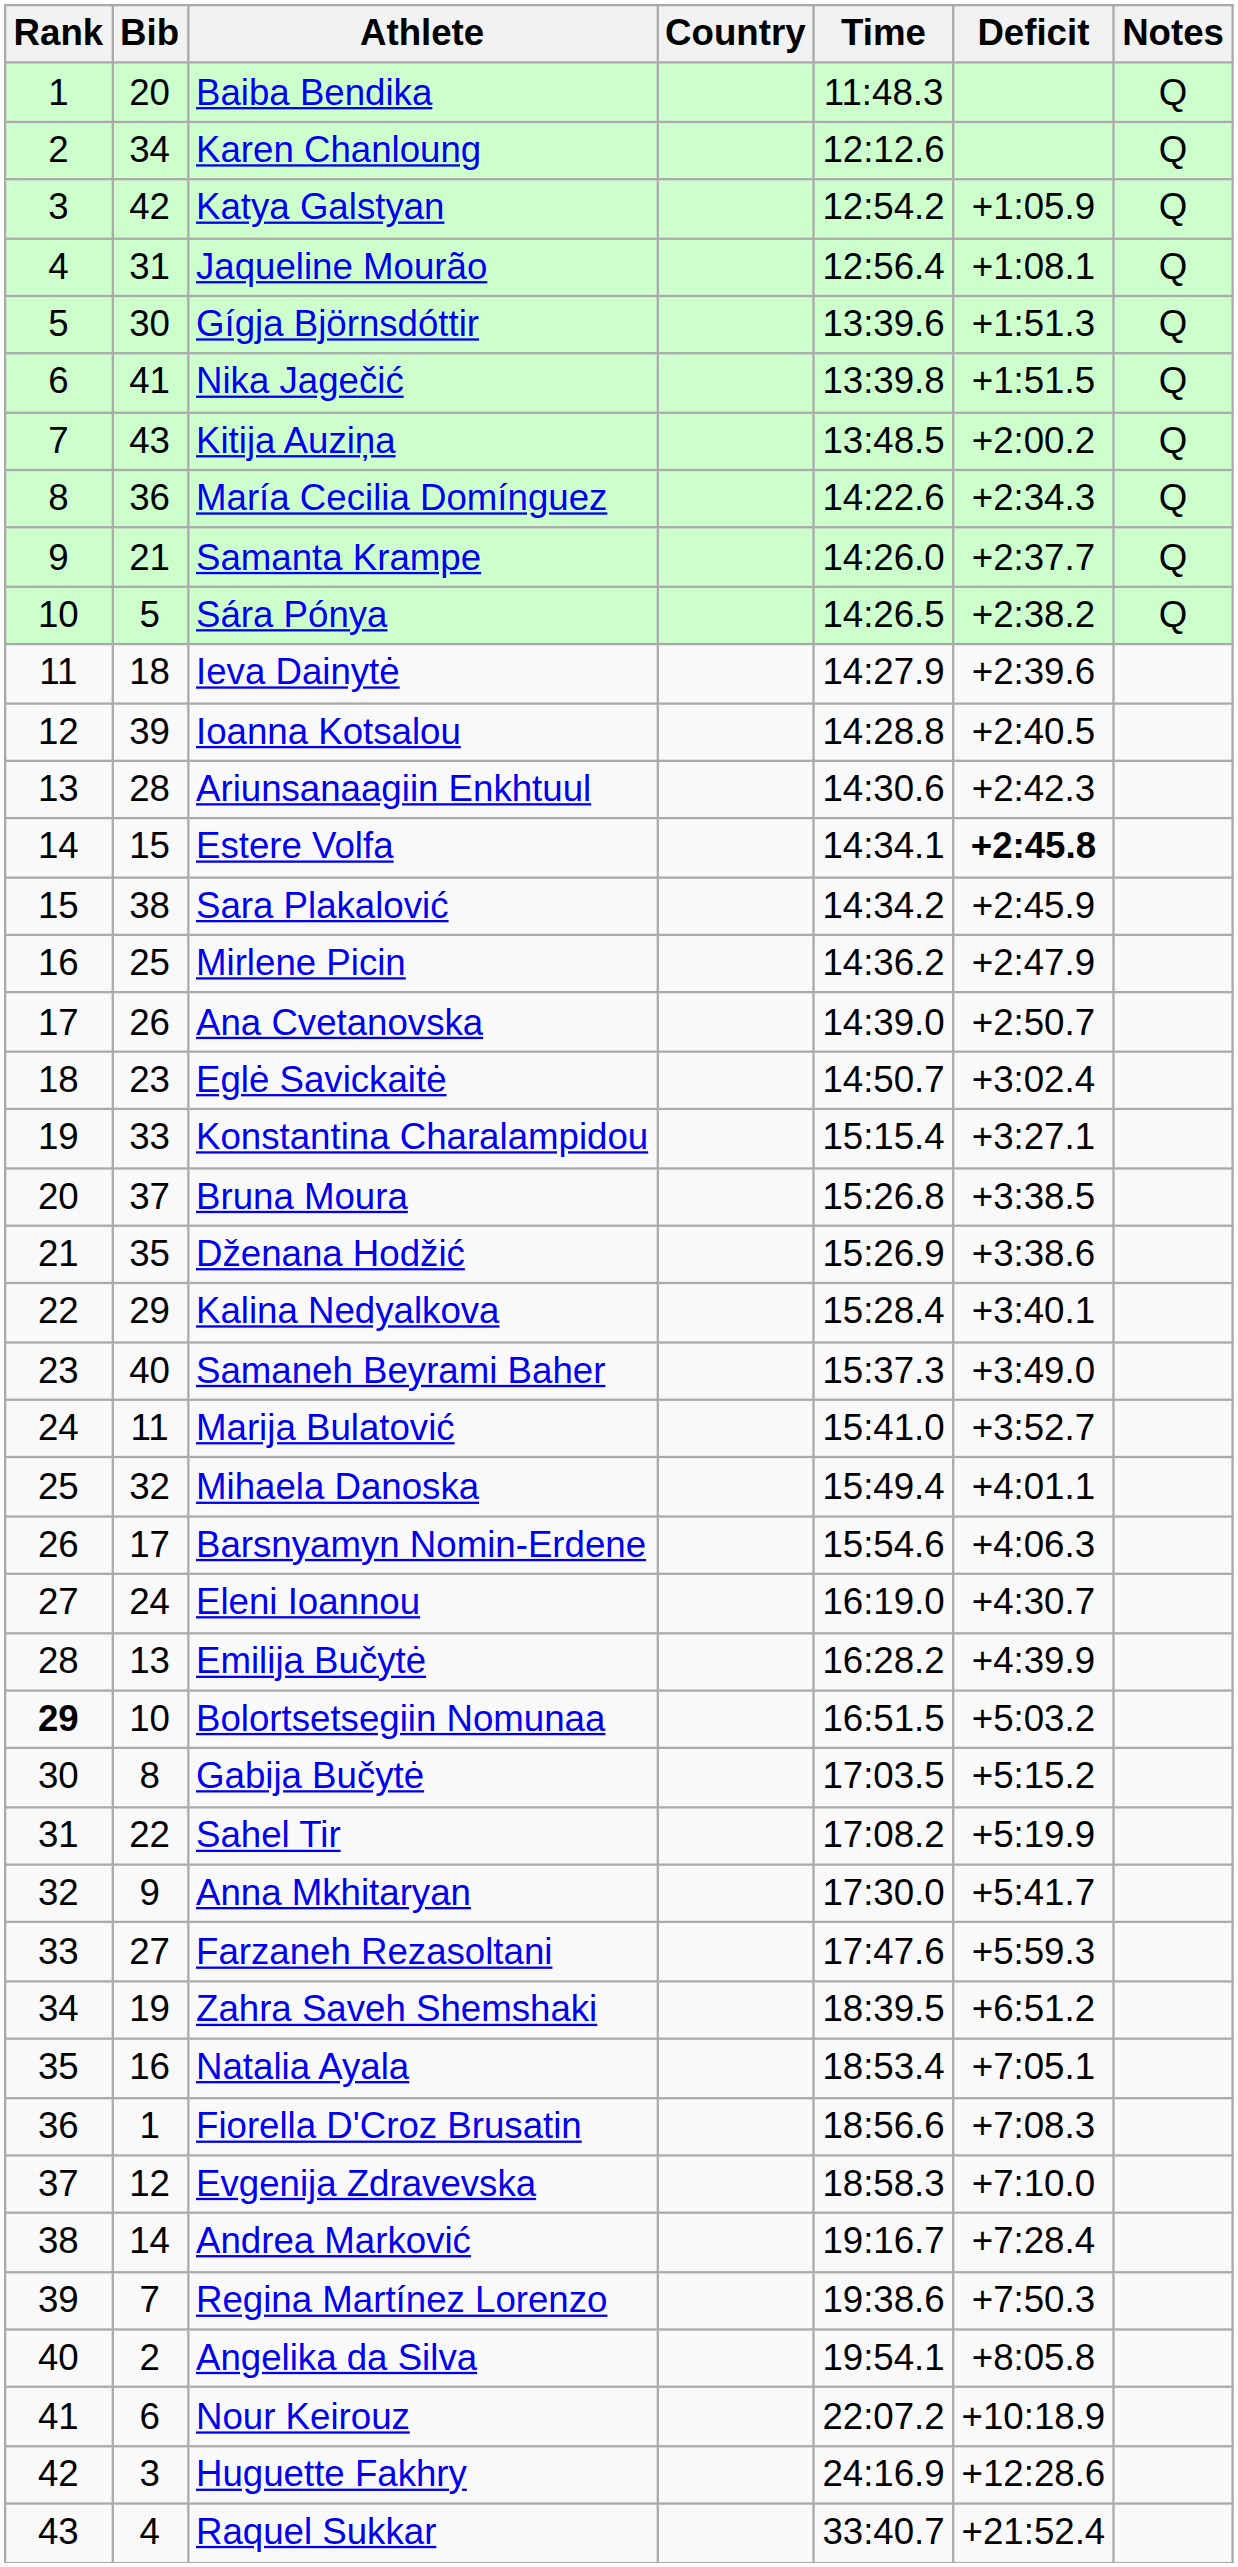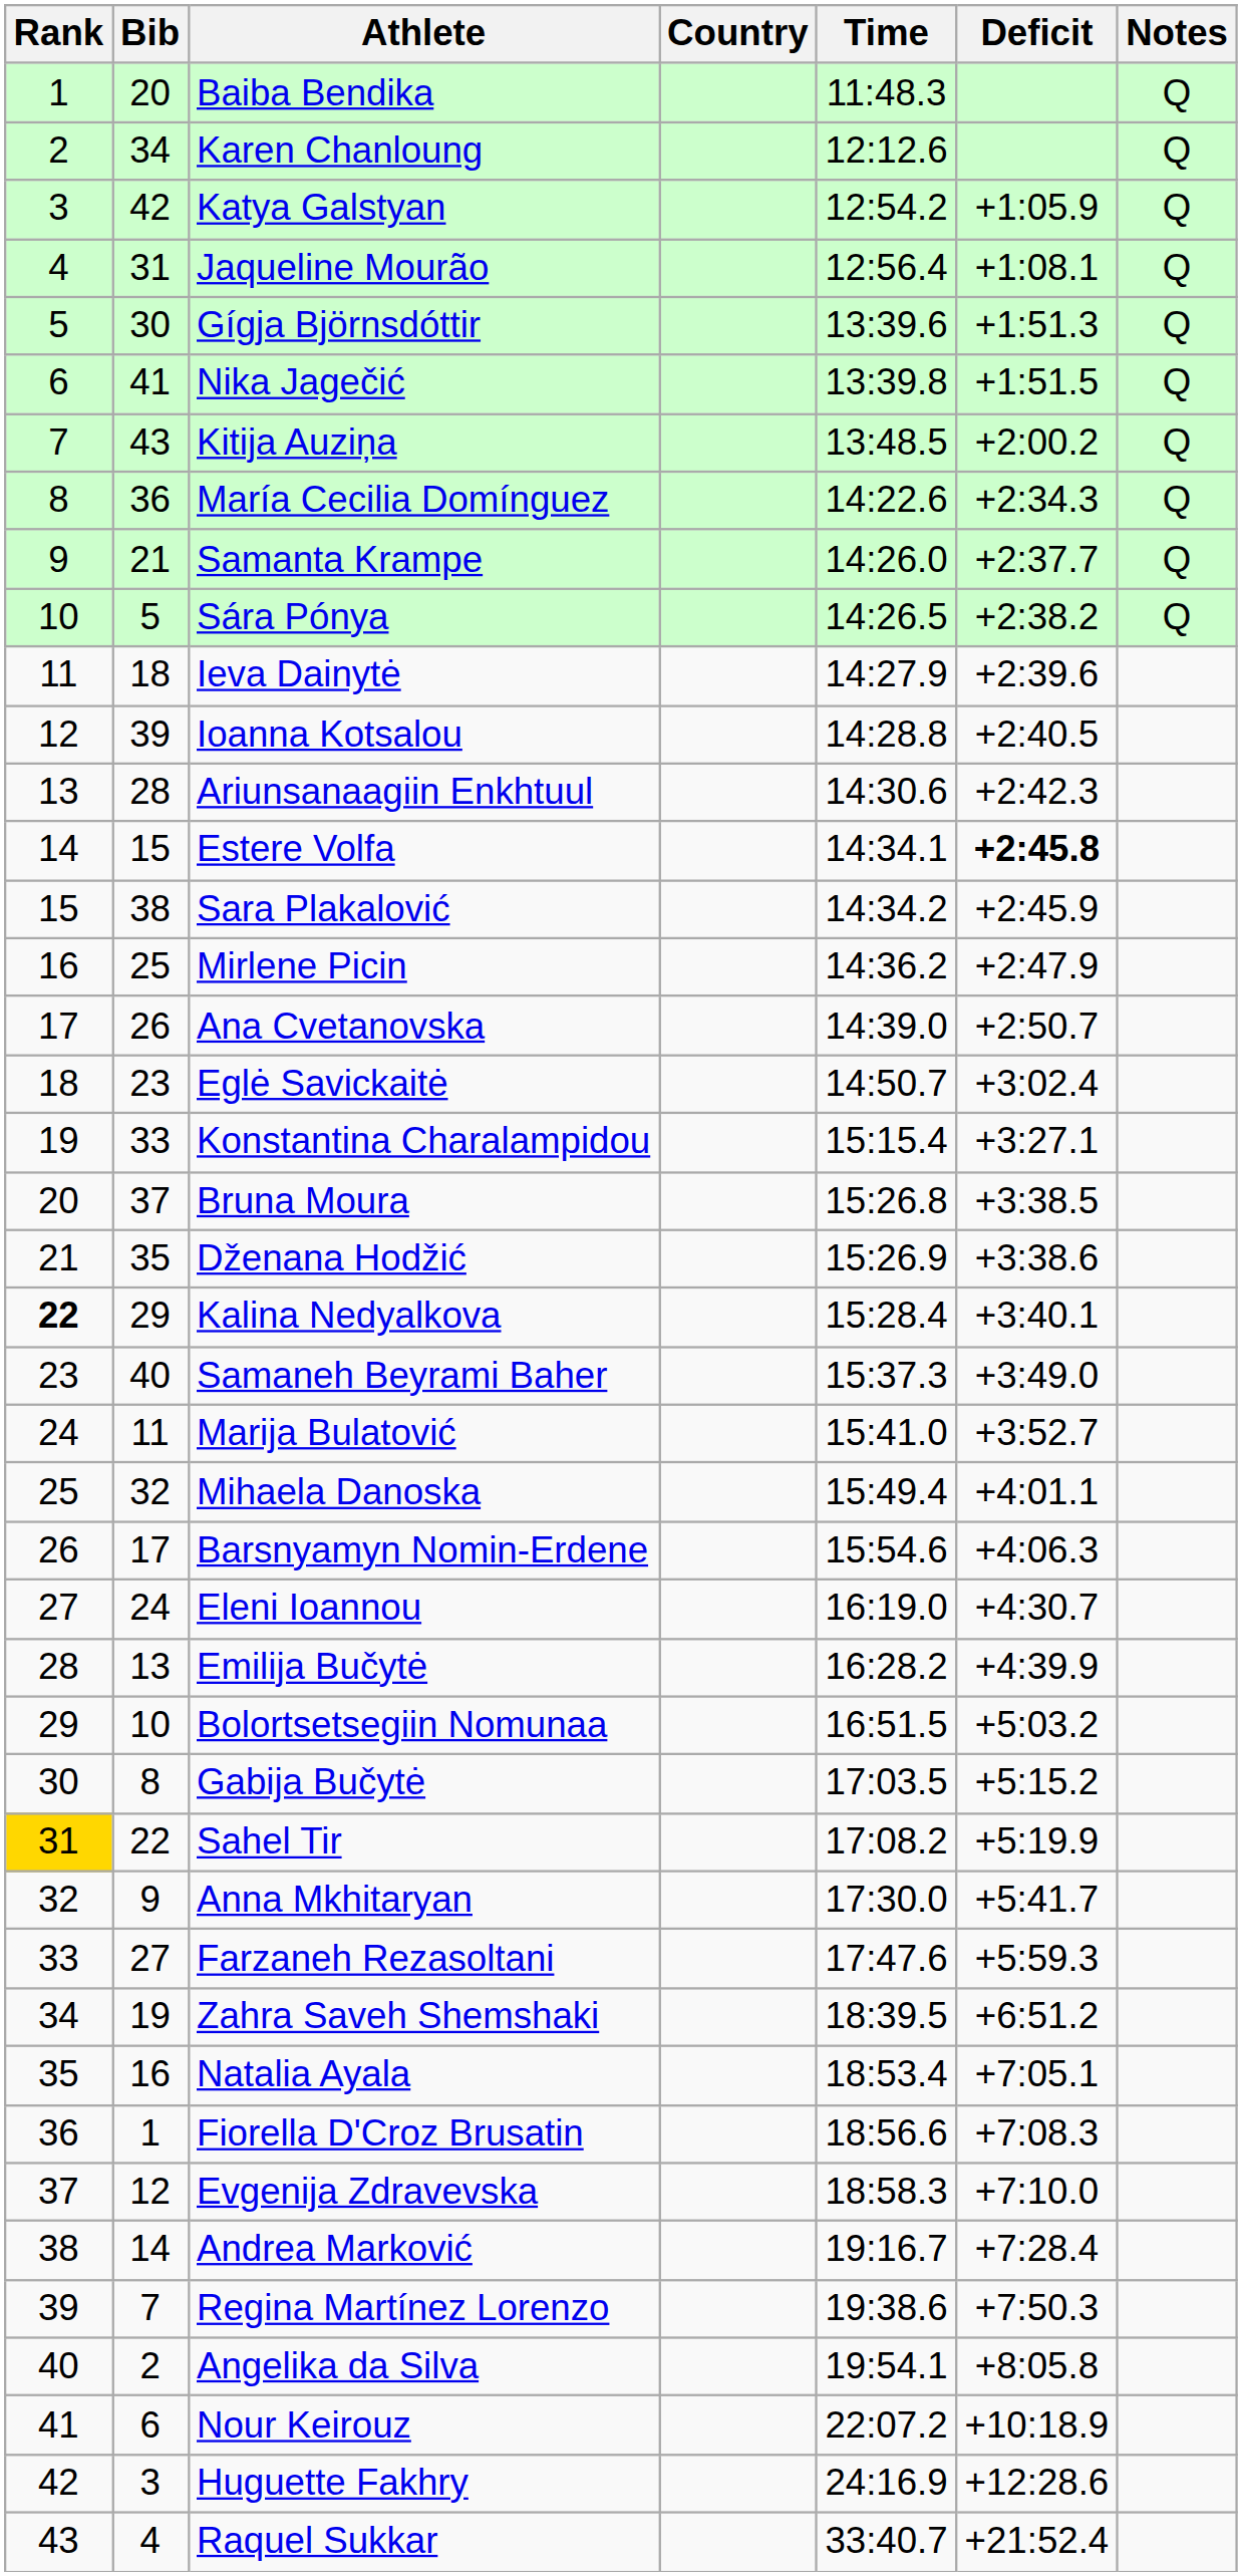 <table class="wikitable sortable" style="text-align:center">
 <tr>
 <th>Rank</th>
 <th>Bib</th>
 <th>Athlete</th>
 <th>Country</th>
 <th>Time</th>
 <th>Deficit</th>
 <th>Notes</th>
 </tr>
 <tr bgcolor=ccffcc>
 <td>1</td>
 <td>20</td>
 <td align=left><a href='#'>Baiba Bendika</a></td>
 <td align=left></td>
 <td>11:48.3</td>
 <td></td>
 <td>Q</td>
 </tr>
 <tr bgcolor=ccffcc>
 <td>2</td>
 <td>34</td>
 <td align=left><a href='#'>Karen Chanloung</a></td>
 <td align=left></td>
 <td>12:12.6</td>
 <td></td>
 <td>Q</td>
 </tr>
 <tr bgcolor=ccffcc>
 <td>3</td>
 <td>42</td>
 <td align=left><a href='#'>Katya Galstyan</a></td>
 <td align=left></td>
 <td>12:54.2</td>
 <td>+1:05.9</td>
 <td>Q</td>
 </tr>
 <tr bgcolor=ccffcc>
 <td>4</td>
 <td>31</td>
 <td align=left><a href='#'>Jaqueline Mourão</a></td>
 <td align=left></td>
 <td>12:56.4</td>
 <td>+1:08.1</td>
 <td>Q</td>
 </tr>
 <tr bgcolor=ccffcc>
 <td>5</td>
 <td>30</td>
 <td align=left><a href='#'>Gígja Björnsdóttir</a></td>
 <td align=left></td>
 <td>13:39.6</td>
 <td>+1:51.3</td>
 <td>Q</td>
 </tr>
 <tr bgcolor=ccffcc>
 <td>6</td>
 <td>41</td>
 <td align=left><a href='#'>Nika Jagečić</a></td>
 <td align=left></td>
 <td>13:39.8</td>
 <td>+1:51.5</td>
 <td>Q</td>
 </tr>
 <tr bgcolor=ccffcc>
 <td>7</td>
 <td>43</td>
 <td align=left><a href='#'>Kitija Auziņa</a></td>
 <td align=left></td>
 <td>13:48.5</td>
 <td>+2:00.2</td>
 <td>Q</td>
 </tr>
 <tr bgcolor=ccffcc>
 <td>8</td>
 <td>36</td>
 <td align=left><a href='#'>María Cecilia Domínguez</a></td>
 <td align=left></td>
 <td>14:22.6</td>
 <td>+2:34.3</td>
 <td>Q</td>
 </tr>
 <tr bgcolor=ccffcc>
 <td>9</td>
 <td>21</td>
 <td align=left><a href='#'>Samanta Krampe</a></td>
 <td align=left></td>
 <td>14:26.0</td>
 <td>+2:37.7</td>
 <td>Q</td>
 </tr>
 <tr bgcolor=ccffcc>
 <td>10</td>
 <td>5</td>
 <td align=left><a href='#'>Sára Pónya</a></td>
 <td align=left></td>
 <td>14:26.5</td>
 <td>+2:38.2</td>
 <td>Q</td>
 </tr>
 <tr>
 <td>11</td>
 <td>18</td>
 <td align=left><a href='#'>Ieva Dainytė</a></td>
 <td align=left></td>
 <td>14:27.9</td>
 <td>+2:39.6</td>
 <td></td>
 </tr>
 <tr>
 <td>12</td>
 <td>39</td>
 <td align=left><a href='#'>Ioanna Kotsalou</a></td>
 <td align=left></td>
 <td>14:28.8</td>
 <td>+2:40.5</td>
 <td></td>
 </tr>
 <tr>
 <td>13</td>
 <td>28</td>
 <td align=left><a href='#'>Ariunsanaagiin Enkhtuul</a></td>
 <td align=left></td>
 <td>14:30.6</td>
 <td>+2:42.3</td>
 <td></td>
 </tr>
 <tr>
 <td>14</td>
 <td>15</td>
 <td align=left><a href='#'>Estere Volfa</a></td>
 <td align=left></td>
 <td>14:34.1</td>
 <td><strong>+2:45.8</strong></td>
 <td></td>
 </tr>
 <tr>
 <td>15</td>
 <td>38</td>
 <td align=left><a href='#'>Sara Plakalović</a></td>
 <td align=left></td>
 <td>14:34.2</td>
 <td>+2:45.9</td>
 <td></td>
 </tr>
 <tr>
 <td>16</td>
 <td>25</td>
 <td align=left><a href='#'>Mirlene Picin</a></td>
 <td align=left></td>
 <td>14:36.2</td>
 <td>+2:47.9</td>
 <td></td>
 </tr>
 <tr>
 <td>17</td>
 <td>26</td>
 <td align=left><a href='#'>Ana Cvetanovska</a></td>
 <td align=left></td>
 <td>14:39.0</td>
 <td>+2:50.7</td>
 <td></td>
 </tr>
 <tr>
 <td>18</td>
 <td>23</td>
 <td align=left><a href='#'>Eglė Savickaitė</a></td>
 <td align=left></td>
 <td>14:50.7</td>
 <td>+3:02.4</td>
 <td></td>
 </tr>
 <tr>
 <td>19</td>
 <td>33</td>
 <td align=left><a href='#'>Konstantina Charalampidou</a></td>
 <td align=left></td>
 <td>15:15.4</td>
 <td>+3:27.1</td>
 <td></td>
 </tr>
 <tr>
 <td>20</td>
 <td>37</td>
 <td align=left><a href='#'>Bruna Moura</a></td>
 <td align=left></td>
 <td>15:26.8</td>
 <td>+3:38.5</td>
 <td></td>
 </tr>
 <tr>
 <td>21</td>
 <td>35</td>
 <td align=left><a href='#'>Dženana Hodžić</a></td>
 <td align=left></td>
 <td>15:26.9</td>
 <td>+3:38.6</td>
 <td></td>
 </tr>
 <tr>
-<td>22</td>
+<td><strong>22</strong></td>
 <td>29</td>
 <td align=left><a href='#'>Kalina Nedyalkova</a></td>
 <td align=left></td>
 <td>15:28.4</td>
 <td>+3:40.1</td>
 <td></td>
 </tr>
 <tr>
 <td>23</td>
 <td>40</td>
 <td align=left><a href='#'>Samaneh Beyrami Baher</a></td>
 <td align=left></td>
 <td>15:37.3</td>
 <td>+3:49.0</td>
 <td></td>
 </tr>
 <tr>
 <td>24</td>
 <td>11</td>
 <td align=left><a href='#'>Marija Bulatović</a></td>
 <td align=left></td>
 <td>15:41.0</td>
 <td>+3:52.7</td>
 <td></td>
 </tr>
 <tr>
 <td>25</td>
 <td>32</td>
 <td align=left><a href='#'>Mihaela Danoska</a></td>
 <td align=left></td>
 <td>15:49.4</td>
 <td>+4:01.1</td>
 <td></td>
 </tr>
 <tr>
 <td>26</td>
 <td>17</td>
 <td align=left><a href='#'>Barsnyamyn Nomin-Erdene</a></td>
 <td align=left></td>
 <td>15:54.6</td>
 <td>+4:06.3</td>
 <td></td>
 </tr>
 <tr>
 <td>27</td>
 <td>24</td>
 <td align=left><a href='#'>Eleni Ioannou</a></td>
 <td align=left></td>
 <td>16:19.0</td>
 <td>+4:30.7</td>
 <td></td>
 </tr>
 <tr>
 <td>28</td>
 <td>13</td>
 <td align=left><a href='#'>Emilija Bučytė</a></td>
 <td align=left></td>
 <td>16:28.2</td>
 <td>+4:39.9</td>
 <td></td>
 </tr>
 <tr>
-<td><strong>29</strong></td>
+<td>29</td>
 <td>10</td>
 <td align=left><a href='#'>Bolortsetsegiin Nomunaa</a></td>
 <td align=left></td>
 <td>16:51.5</td>
 <td>+5:03.2</td>
 <td></td>
 </tr>
 <tr>
 <td>30</td>
 <td>8</td>
 <td align=left><a href='#'>Gabija Bučytė</a></td>
 <td align=left></td>
 <td>17:03.5</td>
 <td>+5:15.2</td>
 <td></td>
 </tr>
 <tr>
-<td>31</td>
+<td style="background: gold;">31</td>
 <td>22</td>
 <td align=left><a href='#'>Sahel Tir</a></td>
 <td align=left></td>
 <td>17:08.2</td>
 <td>+5:19.9</td>
 <td></td>
 </tr>
 <tr>
 <td>32</td>
 <td>9</td>
 <td align=left><a href='#'>Anna Mkhitaryan</a></td>
 <td align=left></td>
 <td>17:30.0</td>
 <td>+5:41.7</td>
 <td></td>
 </tr>
 <tr>
 <td>33</td>
 <td>27</td>
 <td align=left><a href='#'>Farzaneh Rezasoltani</a></td>
 <td align=left></td>
 <td>17:47.6</td>
 <td>+5:59.3</td>
 <td></td>
 </tr>
 <tr>
 <td>34</td>
 <td>19</td>
 <td align=left><a href='#'>Zahra Saveh Shemshaki</a></td>
 <td align=left></td>
 <td>18:39.5</td>
 <td>+6:51.2</td>
 <td></td>
 </tr>
 <tr>
 <td>35</td>
 <td>16</td>
 <td align=left><a href='#'>Natalia Ayala</a></td>
 <td align=left></td>
 <td>18:53.4</td>
 <td>+7:05.1</td>
 <td></td>
 </tr>
 <tr>
 <td>36</td>
 <td>1</td>
 <td align=left><a href='#'>Fiorella D'Croz Brusatin</a></td>
 <td align=left></td>
 <td>18:56.6</td>
 <td>+7:08.3</td>
 <td></td>
 </tr>
 <tr>
 <td>37</td>
 <td>12</td>
 <td align=left><a href='#'>Evgenija Zdravevska</a></td>
 <td align=left></td>
 <td>18:58.3</td>
 <td>+7:10.0</td>
 <td></td>
 </tr>
 <tr>
 <td>38</td>
 <td>14</td>
 <td align=left><a href='#'>Andrea Marković</a></td>
 <td align=left></td>
 <td>19:16.7</td>
 <td>+7:28.4</td>
 <td></td>
 </tr>
 <tr>
 <td>39</td>
 <td>7</td>
 <td align=left><a href='#'>Regina Martínez Lorenzo</a></td>
 <td align=left></td>
 <td>19:38.6</td>
 <td>+7:50.3</td>
 <td></td>
 </tr>
 <tr>
 <td>40</td>
 <td>2</td>
 <td align=left><a href='#'>Angelika da Silva</a></td>
 <td align=left></td>
 <td>19:54.1</td>
 <td>+8:05.8</td>
 <td></td>
 </tr>
 <tr>
 <td>41</td>
 <td>6</td>
 <td align=left><a href='#'>Nour Keirouz</a></td>
 <td align=left></td>
 <td>22:07.2</td>
 <td>+10:18.9</td>
 <td></td>
 </tr>
 <tr>
 <td>42</td>
 <td>3</td>
 <td align=left><a href='#'>Huguette Fakhry</a></td>
 <td align=left></td>
 <td>24:16.9</td>
 <td>+12:28.6</td>
 <td></td>
 </tr>
 <tr>
 <td>43</td>
 <td>4</td>
 <td align=left><a href='#'>Raquel Sukkar</a></td>
 <td align=left></td>
 <td>33:40.7</td>
 <td>+21:52.4</td>
 <td></td>
 </tr>
 </table>
